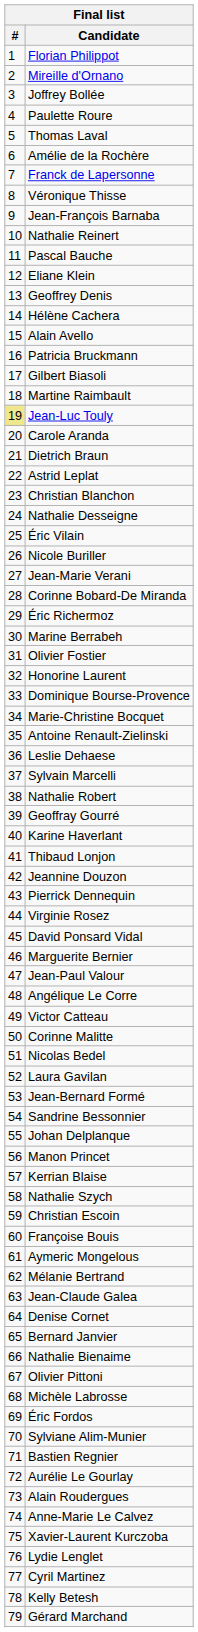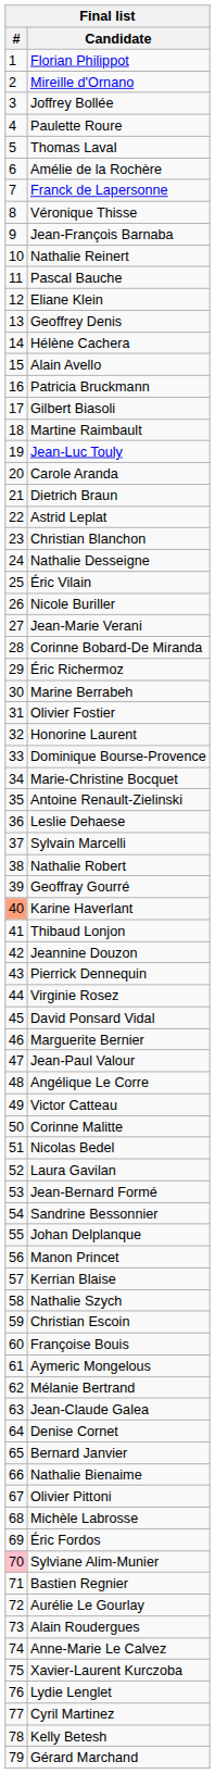 <table class="wikitable mw-collapsible mw-collapsed" style="font-size:90%; float:right; padding:5px">
 <tr>
 <th colspan="2">Final list</th>
 </tr>
 <tr>
 <th>#</th>
 <th>Candidate</th>
 </tr>
 <tr>
 <td>1</td>
 <td><a href='#'>Florian Philippot</a></td>
 </tr>
 <tr>
 <td>2</td>
 <td><a href='#'>Mireille d'Ornano</a></td>
 </tr>
 <tr>
 <td>3</td>
 <td>Joffrey Bollée</td>
 </tr>
 <tr>
 <td>4</td>
 <td>Paulette Roure</td>
 </tr>
 <tr>
 <td>5</td>
 <td>Thomas Laval</td>
 </tr>
 <tr>
 <td>6</td>
 <td>Amélie de la Rochère</td>
 </tr>
 <tr>
 <td>7</td>
 <td><a href='#'>Franck de Lapersonne</a></td>
 </tr>
 <tr>
 <td>8</td>
 <td>Véronique Thisse</td>
 </tr>
 <tr>
 <td>9</td>
 <td>Jean-François Barnaba</td>
 </tr>
 <tr>
 <td>10</td>
 <td>Nathalie Reinert</td>
 </tr>
 <tr>
 <td>11</td>
 <td>Pascal Bauche</td>
 </tr>
 <tr>
 <td>12</td>
 <td>Eliane Klein</td>
 </tr>
 <tr>
 <td>13</td>
 <td>Geoffrey Denis</td>
 </tr>
 <tr>
 <td>14</td>
 <td>Hélène Cachera</td>
 </tr>
 <tr>
 <td>15</td>
 <td>Alain Avello</td>
 </tr>
 <tr>
 <td>16</td>
 <td>Patricia Bruckmann</td>
 </tr>
 <tr>
 <td>17</td>
 <td>Gilbert Biasoli</td>
 </tr>
 <tr>
 <td>18</td>
 <td>Martine Raimbault</td>
 </tr>
 <tr>
-<td style="background: khaki;">19</td>
+<td>19</td>
 <td><a href='#'>Jean-Luc Touly</a></td>
 </tr>
 <tr>
 <td>20</td>
 <td>Carole Aranda</td>
 </tr>
 <tr>
 <td>21</td>
 <td>Dietrich Braun</td>
 </tr>
 <tr>
 <td>22</td>
 <td>Astrid Leplat</td>
 </tr>
 <tr>
 <td>23</td>
 <td>Christian Blanchon</td>
 </tr>
 <tr>
 <td>24</td>
 <td>Nathalie Desseigne</td>
 </tr>
 <tr>
 <td>25</td>
 <td>Éric Vilain</td>
 </tr>
 <tr>
 <td>26</td>
 <td>Nicole Buriller</td>
 </tr>
 <tr>
 <td>27</td>
 <td>Jean-Marie Verani</td>
 </tr>
 <tr>
 <td>28</td>
 <td>Corinne Bobard-De Miranda</td>
 </tr>
 <tr>
 <td>29</td>
 <td>Éric Richermoz</td>
 </tr>
 <tr>
 <td>30</td>
 <td>Marine Berrabeh</td>
 </tr>
 <tr>
 <td>31</td>
 <td>Olivier Fostier</td>
 </tr>
 <tr>
 <td>32</td>
 <td>Honorine Laurent</td>
 </tr>
 <tr>
 <td>33</td>
 <td>Dominique Bourse-Provence</td>
 </tr>
 <tr>
 <td>34</td>
 <td>Marie-Christine Bocquet</td>
 </tr>
 <tr>
 <td>35</td>
 <td>Antoine Renault-Zielinski</td>
 </tr>
 <tr>
 <td>36</td>
 <td>Leslie Dehaese</td>
 </tr>
 <tr>
 <td>37</td>
 <td>Sylvain Marcelli</td>
 </tr>
 <tr>
 <td>38</td>
 <td>Nathalie Robert</td>
 </tr>
 <tr>
 <td>39</td>
 <td>Geoffray Gourré</td>
 </tr>
 <tr>
-<td>40</td>
+<td style="background: lightsalmon;">40</td>
 <td>Karine Haverlant</td>
 </tr>
 <tr>
 <td>41</td>
 <td>Thibaud Lonjon</td>
 </tr>
 <tr>
 <td>42</td>
 <td>Jeannine Douzon</td>
 </tr>
 <tr>
 <td>43</td>
 <td>Pierrick Dennequin</td>
 </tr>
 <tr>
 <td>44</td>
 <td>Virginie Rosez</td>
 </tr>
 <tr>
 <td>45</td>
 <td>David Ponsard Vidal</td>
 </tr>
 <tr>
 <td>46</td>
 <td>Marguerite Bernier</td>
 </tr>
 <tr>
 <td>47</td>
 <td>Jean-Paul Valour</td>
 </tr>
 <tr>
 <td>48</td>
 <td>Angélique Le Corre</td>
 </tr>
 <tr>
 <td>49</td>
 <td>Victor Catteau</td>
 </tr>
 <tr>
 <td>50</td>
 <td>Corinne Malitte</td>
 </tr>
 <tr>
 <td>51</td>
 <td>Nicolas Bedel</td>
 </tr>
 <tr>
 <td>52</td>
 <td>Laura Gavilan</td>
 </tr>
 <tr>
 <td>53</td>
 <td>Jean-Bernard Formé</td>
 </tr>
 <tr>
 <td>54</td>
 <td>Sandrine Bessonnier</td>
 </tr>
 <tr>
 <td>55</td>
 <td>Johan Delplanque</td>
 </tr>
 <tr>
 <td>56</td>
 <td>Manon Princet</td>
 </tr>
 <tr>
 <td>57</td>
 <td>Kerrian Blaise</td>
 </tr>
 <tr>
 <td>58</td>
 <td>Nathalie Szych</td>
 </tr>
 <tr>
 <td>59</td>
 <td>Christian Escoin</td>
 </tr>
 <tr>
 <td>60</td>
 <td>Françoise Bouis</td>
 </tr>
 <tr>
 <td>61</td>
 <td>Aymeric Mongelous</td>
 </tr>
 <tr>
 <td>62</td>
 <td>Mélanie Bertrand</td>
 </tr>
 <tr>
 <td>63</td>
 <td>Jean-Claude Galea</td>
 </tr>
 <tr>
 <td>64</td>
 <td>Denise Cornet</td>
 </tr>
 <tr>
 <td>65</td>
 <td>Bernard Janvier</td>
 </tr>
 <tr>
 <td>66</td>
 <td>Nathalie Bienaime</td>
 </tr>
 <tr>
 <td>67</td>
 <td>Olivier Pittoni</td>
 </tr>
 <tr>
 <td>68</td>
 <td>Michèle Labrosse</td>
 </tr>
 <tr>
 <td>69</td>
 <td>Éric Fordos</td>
 </tr>
 <tr>
-<td>70</td>
+<td style="background: pink;">70</td>
 <td>Sylviane Alim-Munier</td>
 </tr>
 <tr>
 <td>71</td>
 <td>Bastien Regnier</td>
 </tr>
 <tr>
 <td>72</td>
 <td>Aurélie Le Gourlay</td>
 </tr>
 <tr>
 <td>73</td>
 <td>Alain Roudergues</td>
 </tr>
 <tr>
 <td>74</td>
 <td>Anne-Marie Le Calvez</td>
 </tr>
 <tr>
 <td>75</td>
 <td>Xavier-Laurent Kurczoba</td>
 </tr>
 <tr>
 <td>76</td>
 <td>Lydie Lenglet</td>
 </tr>
 <tr>
 <td>77</td>
 <td>Cyril Martinez</td>
 </tr>
 <tr>
 <td>78</td>
 <td>Kelly Betesh</td>
 </tr>
 <tr>
 <td>79</td>
 <td>Gérard Marchand</td>
 </tr>
 </table>
